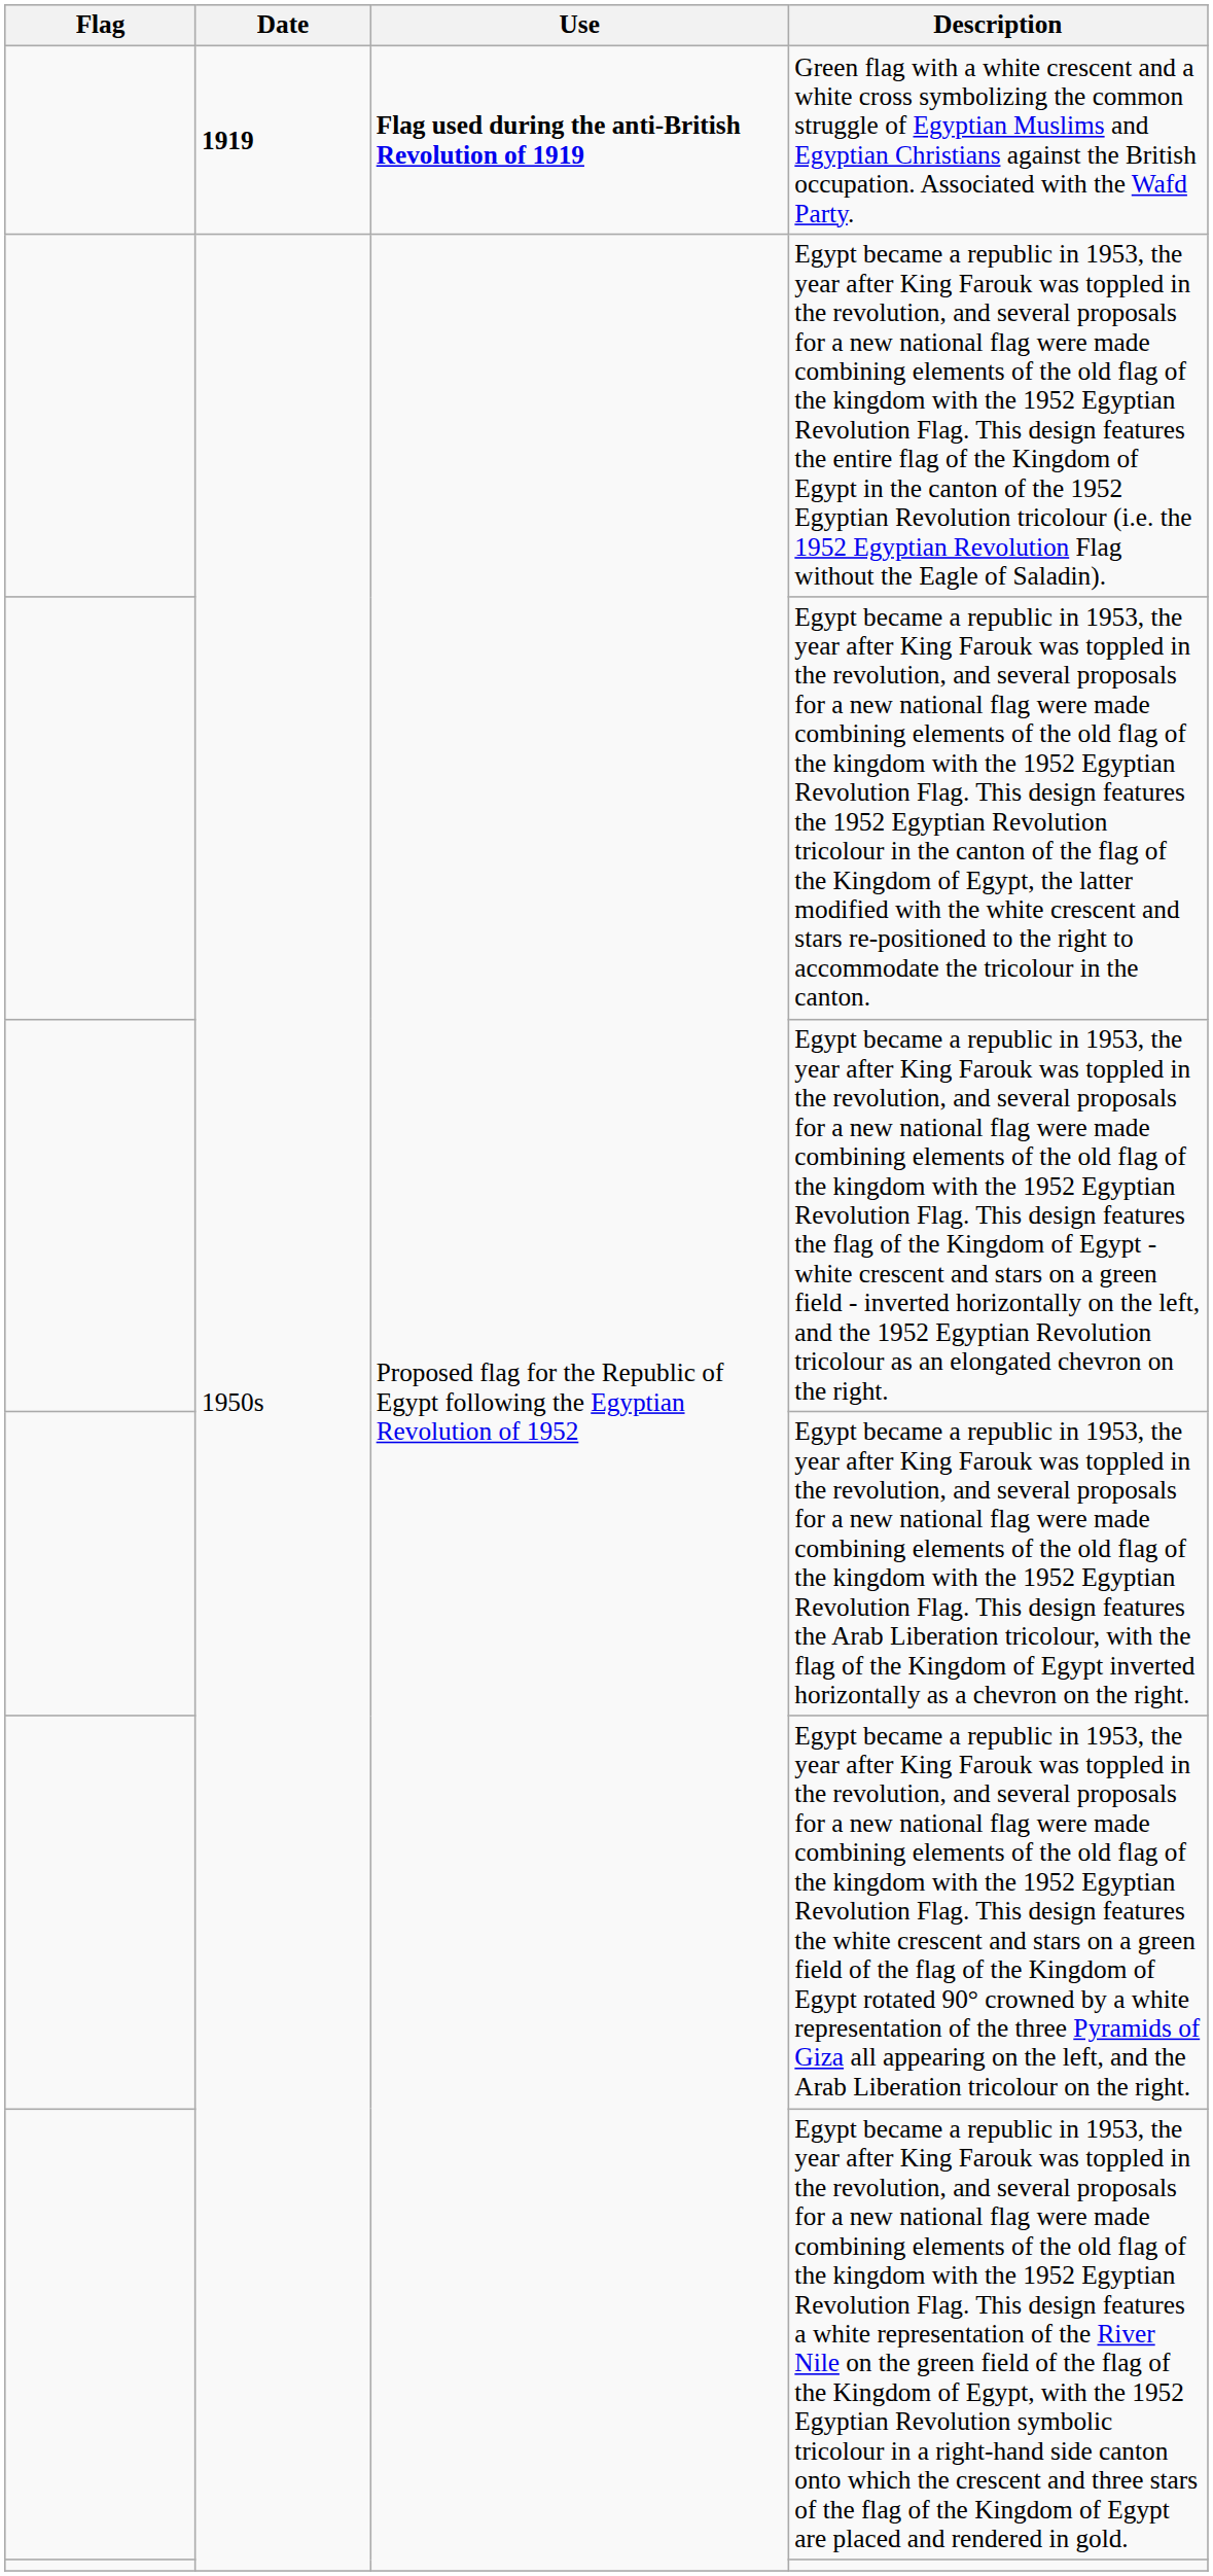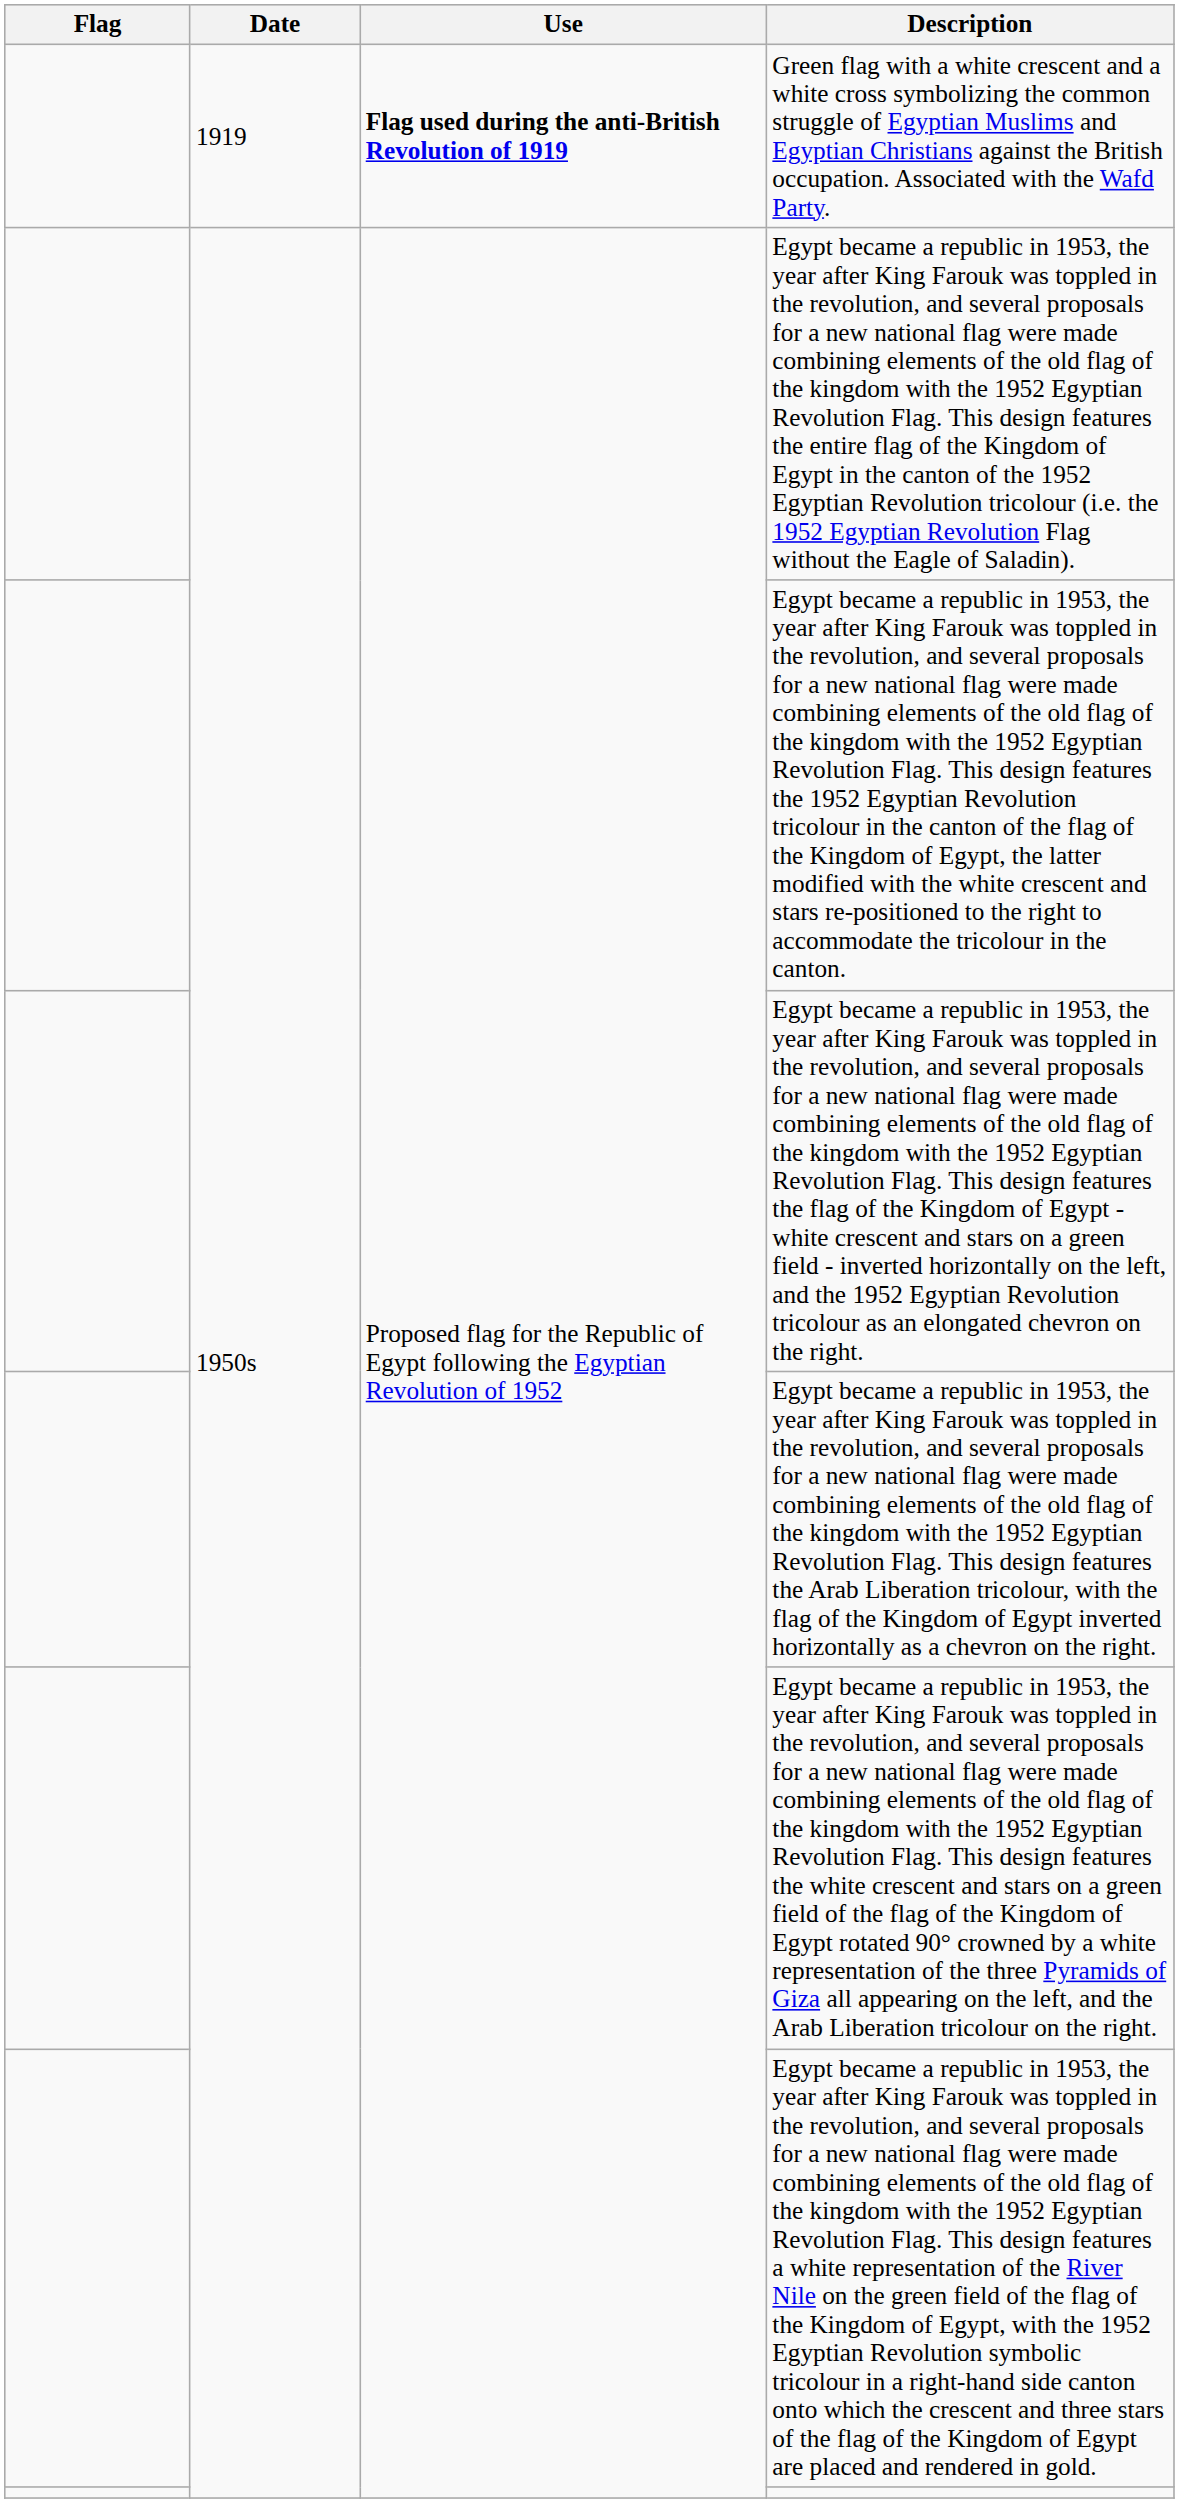 <table class="wikitable">
 <tr>
 <th style="width:110px;">Flag</th>
 <th style="width:100px;">Date</th>
 <th style="width:250px;">Use</th>
 <th style="width:250px;">Description</th>
 </tr>
 <tr>
 <td></td>
-<td><strong>1919</strong></td>
+<td>1919</td>
 <td><strong>Flag used during the anti-British <a href='#'>Revolution of 1919</a></strong></td>
 <td>Green flag with a white crescent and a white cross symbolizing the common struggle of <a href='#'>Egyptian Muslims</a> and <a href='#'>Egyptian Christians</a> against the British occupation. Associated with the <a href='#'>Wafd Party</a>.</td>
 </tr>
 <tr>
 <td></td>
 <td rowspan="7">1950s</td>
 <td rowspan="7">Proposed flag for the Republic of Egypt following the <a href='#'>Egyptian Revolution of 1952</a></td>
 <td>Egypt became a republic in 1953, the year after King Farouk was toppled in the revolution, and several proposals for a new national flag were made combining elements of the old flag of the kingdom with the 1952 Egyptian Revolution Flag. This design features the entire flag of the Kingdom of Egypt in the canton of the 1952 Egyptian Revolution tricolour (i.e. the <a href='#'>1952 Egyptian Revolution</a> Flag without the Eagle of Saladin).</td>
 </tr>
 <tr>
 <td></td>
 <td>Egypt became a republic in 1953, the year after King Farouk was toppled in the revolution, and several proposals for a new national flag were made combining elements of the old flag of the kingdom with the 1952 Egyptian Revolution Flag. This design features the 1952 Egyptian Revolution tricolour in the canton of the flag of the Kingdom of Egypt, the latter modified with the white crescent and stars re-positioned to the right to accommodate the tricolour in the canton.</td>
 </tr>
 <tr>
 <td></td>
 <td>Egypt became a republic in 1953, the year after King Farouk was toppled in the revolution, and several proposals for a new national flag were made combining elements of the old flag of the kingdom with the 1952 Egyptian Revolution Flag. This design features the flag of the Kingdom of Egypt - white crescent and stars on a green field - inverted horizontally on the left, and the 1952 Egyptian Revolution tricolour as an elongated chevron on the right.</td>
 </tr>
 <tr>
 <td></td>
 <td>Egypt became a republic in 1953, the year after King Farouk was toppled in the revolution, and several proposals for a new national flag were made combining elements of the old flag of the kingdom with the 1952 Egyptian Revolution Flag. This design features the Arab Liberation tricolour, with the flag of the Kingdom of Egypt inverted horizontally as a chevron on the right.</td>
 </tr>
 <tr>
 <td></td>
 <td>Egypt became a republic in 1953, the year after King Farouk was toppled in the revolution, and several proposals for a new national flag were made combining elements of the old flag of the kingdom with the 1952 Egyptian Revolution Flag. This design features the white crescent and stars on a green field of the flag of the Kingdom of Egypt rotated 90° crowned by a white representation of the three <a href='#'>Pyramids of Giza</a> all appearing on the left, and the Arab Liberation tricolour on the right.</td>
 </tr>
 <tr>
 <td></td>
 <td>Egypt became a republic in 1953, the year after King Farouk was toppled in the revolution, and several proposals for a new national flag were made combining elements of the old flag of the kingdom with the 1952 Egyptian Revolution Flag. This design features a white representation of the <a href='#'>River Nile</a> on the green field of the flag of the Kingdom of Egypt, with the 1952 Egyptian Revolution symbolic tricolour in a right-hand side canton onto which the crescent and three stars of the flag of the Kingdom of Egypt are placed and rendered in gold.</td>
 </tr>
 <tr>
 <td></td>
 <td></td>
 </tr>
 </table>
